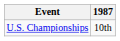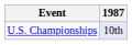 <table class="wikitable" style="text-align:center">
 <tr>
 <th>Event</th>
 <th>1987</th>
 </tr>
 <tr>
 <td align=left><a href='#'>U.S. Championships</a></td>
-<td>10th</td>
+<td style="background: lavender;">10th</td>
 </tr>
 </table>
